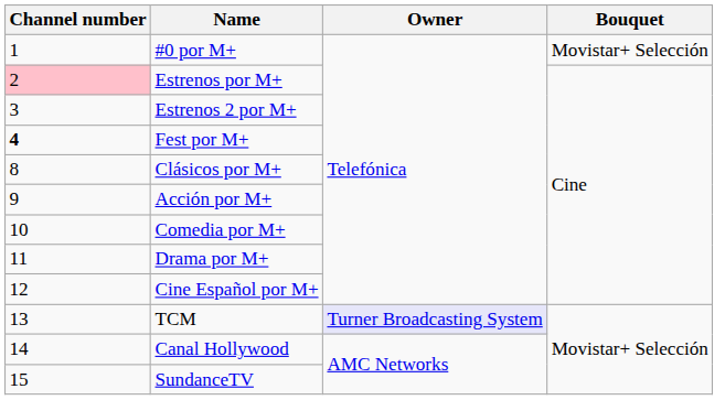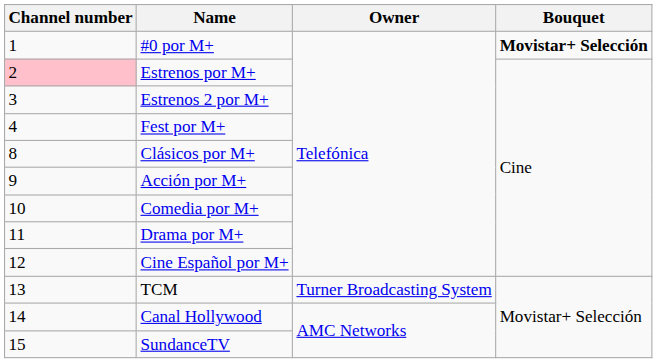 <table class="wikitable">
 <tr>
 <th>Channel number</th>
 <th>Name</th>
 <th>Owner</th>
 <th>Bouquet</th>
 </tr>
 <tr>
 <td>1</td>
 <td><a href='#'>#0 por M+</a></td>
 <td rowspan="9"><a href='#'>Telefónica</a></td>
-<td>Movistar+ Selección</td>
+<td><strong>Movistar+ Selección</strong></td>
 </tr>
 <tr>
 <td style="background: pink;">2</td>
 <td><a href='#'>Estrenos por M+</a></td>
 <td rowspan="8">Cine</td>
 </tr>
 <tr>
 <td>3</td>
 <td><a href='#'>Estrenos 2 por M+</a></td>
 </tr>
 <tr>
-<td><strong>4</strong></td>
+<td>4</td>
 <td><a href='#'>Fest por M+</a></td>
 </tr>
 <tr>
 <td>8</td>
 <td><a href='#'>Clásicos por M+</a></td>
 </tr>
 <tr>
 <td>9</td>
 <td><a href='#'>Acción por M+</a></td>
 </tr>
 <tr>
 <td>10</td>
 <td><a href='#'>Comedia por M+</a></td>
 </tr>
 <tr>
 <td>11</td>
 <td><a href='#'>Drama por M+</a></td>
 </tr>
 <tr>
 <td>12</td>
 <td><a href='#'>Cine Español por M+</a></td>
 </tr>
 <tr>
 <td>13</td>
 <td>TCM</td>
-<td style="background: lavender;"><a href='#'>Turner Broadcasting System</a></td>
+<td><a href='#'>Turner Broadcasting System</a></td>
 <td rowspan="3">Movistar+ Selección</td>
 </tr>
 <tr>
 <td>14</td>
 <td><a href='#'>Canal Hollywood</a></td>
 <td rowspan="2"><a href='#'>AMC Networks</a></td>
 </tr>
 <tr>
 <td>15</td>
 <td><a href='#'>SundanceTV</a></td>
 </tr>
 </table>
